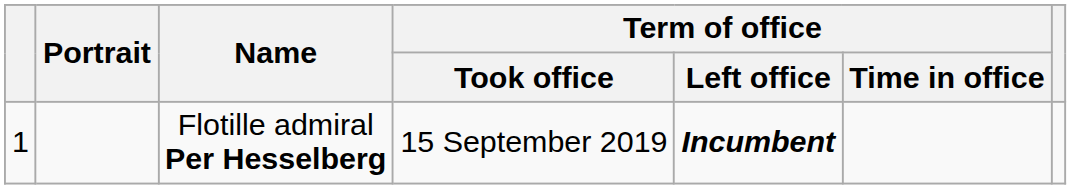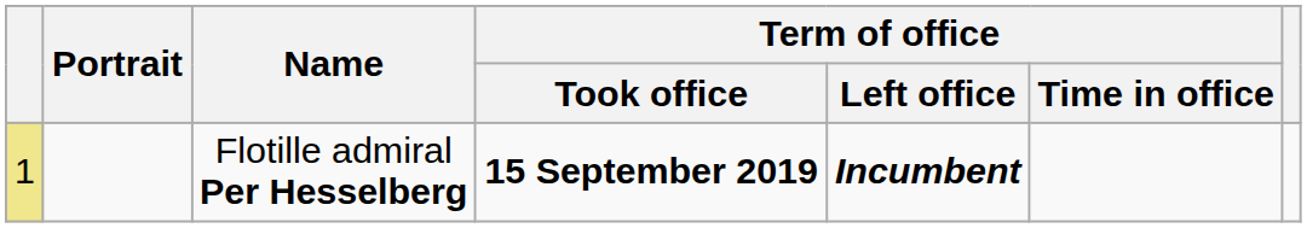 <table class="wikitable" style="text-align:center">
 <tr>
 <th rowspan=2></th>
 <th rowspan=2>Portrait</th>
 <th rowspan=2>Name<br></th>
 <th colspan=3>Term of office</th>
 <th rowspan=2></th>
 </tr>
 <tr>
 <th>Took office</th>
 <th>Left office</th>
 <th>Time in office</th>
 </tr>
 <tr>
-<td>1</td>
+<td style="background: khaki;">1</td>
 <td></td>
 <td>Flotille admiral<br><strong>Per Hesselberg</strong><br></td>
-<td>15 September 2019</td>
+<td><strong>15 September 2019</strong></td>
 <td><strong><em>Incumbent</em></strong></td>
 <td></td>
 <td></td>
 </tr>
 </table>
